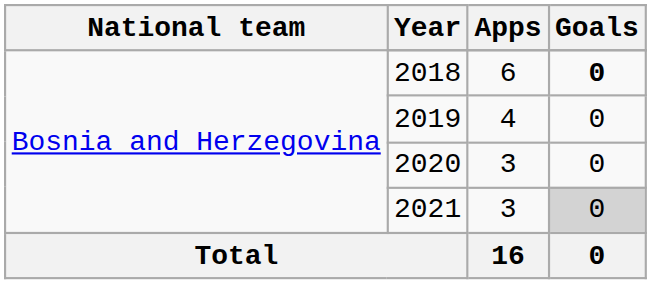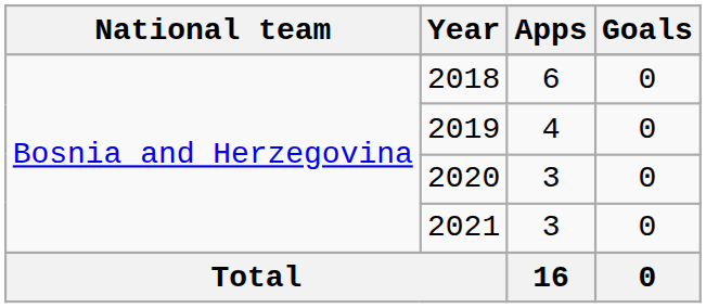 <table class="wikitable" style="text-align:center">
 <tr>
 <th>National team</th>
 <th>Year</th>
 <th>Apps</th>
 <th>Goals</th>
 </tr>
 <tr>
 <td rowspan=5><a href='#'>Bosnia and Herzegovina</a></td>
 </tr>
 <tr>
 <td>2018</td>
 <td>6</td>
-<td><strong>0</strong></td>
+<td>0</td>
 </tr>
 <tr>
 <td>2019</td>
 <td>4</td>
 <td>0</td>
 </tr>
 <tr>
 <td>2020</td>
 <td>3</td>
 <td>0</td>
 </tr>
 <tr>
 <td>2021</td>
 <td>3</td>
-<td style="background: lightgrey;">0</td>
+<td>0</td>
 </tr>
 <tr>
 <th colspan=2>Total</th>
 <th>16</th>
 <th>0</th>
 </tr>
 </table>
